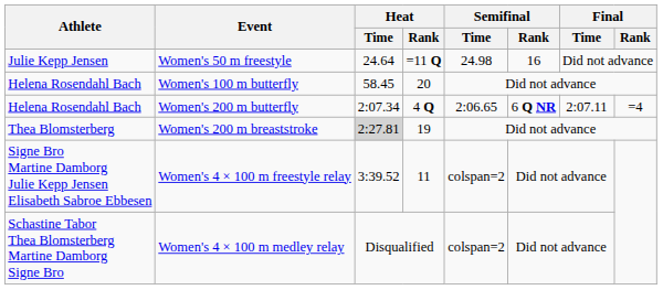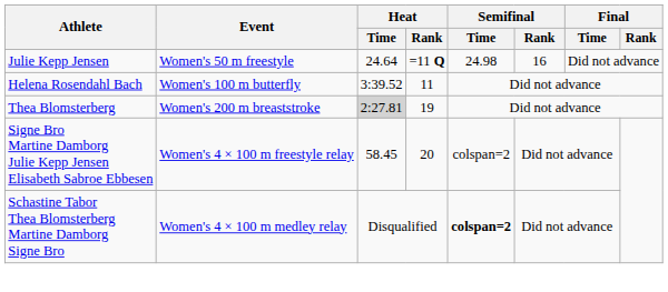 <table class=wikitable style="font-size:90%;">
 <tr>
 <th rowspan=2>Athlete</th>
 <th rowspan=2>Event</th>
 <th colspan=2>Heat</th>
 <th colspan=2>Semifinal</th>
 <th colspan=2>Final</th>
 </tr>
 <tr style="font-size:95%">
 <th>Time</th>
 <th>Rank</th>
 <th>Time</th>
 <th>Rank</th>
 <th>Time</th>
 <th>Rank</th>
 </tr>
 <tr align=center>
 <td align=left><a href='#'>Julie Kepp Jensen</a></td>
 <td align=left><a href='#'>Women's 50 m freestyle</a></td>
 <td>24.64</td>
 <td>=11 <strong>Q</strong></td>
 <td>24.98</td>
 <td>16</td>
 <td colspan="2">Did not advance</td>
 </tr>
 <tr align=center>
 <td align=left><a href='#'>Helena Rosendahl Bach</a></td>
 <td align=left><a href='#'>Women's 100 m butterfly</a></td>
-<td>58.45</td>
-<td>20</td>
+<td>3:39.52</td>
+<td>11</td>
 <td colspan="4">Did not advance</td>
-</tr>
-<tr align=center>
-<td align=left><a href='#'>Helena Rosendahl Bach</a></td>
-<td align=left><a href='#'>Women's 200 m butterfly</a></td>
-<td>2:07.34</td>
-<td>4 <strong>Q</strong></td>
-<td>2:06.65</td>
-<td>6 <strong>Q</strong> <strong><a href='#'>NR</a></strong></td>
-<td>2:07.11</td>
-<td>=4</td>
 </tr>
 <tr align=center>
 <td align=left><a href='#'>Thea Blomsterberg</a></td>
 <td align=left><a href='#'>Women's 200 m breaststroke</a></td>
 <td style="background: lightgrey;">2:27.81</td>
 <td>19</td>
 <td colspan="4">Did not advance</td>
 </tr>
 <tr align=center>
 <td align=left><a href='#'>Signe Bro</a><br><a href='#'>Martine Damborg</a><br><a href='#'>Julie Kepp Jensen</a><br><a href='#'>Elisabeth Sabroe Ebbesen</a></td>
 <td align=left><a href='#'>Women's 4 × 100 m freestyle relay</a></td>
-<td>3:39.52</td>
-<td>11</td>
+<td>58.45</td>
+<td>20</td>
 <td>colspan=2 </td>
 <td colspan="2">Did not advance</td>
 </tr>
 <tr align=center>
 <td align=left><a href='#'>Schastine Tabor</a><br><a href='#'>Thea Blomsterberg</a><br><a href='#'>Martine Damborg</a><br><a href='#'>Signe Bro</a></td>
 <td align=left><a href='#'>Women's 4 × 100 m medley relay</a></td>
 <td colspan="2">Disqualified</td>
-<td>colspan=2 </td>
+<td><strong>colspan=2 </strong></td>
 <td colspan="2">Did not advance</td>
 </tr>
 </table>
